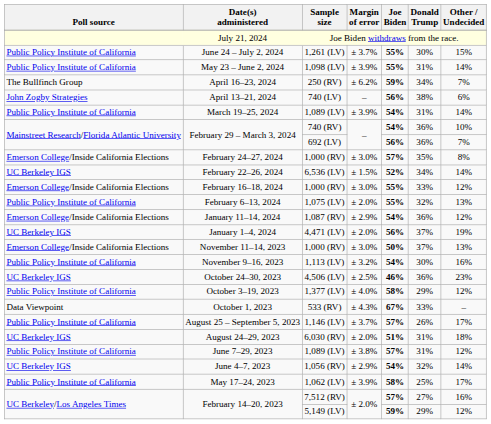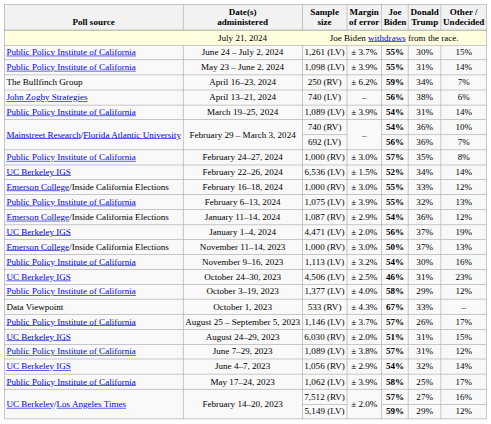 <table class="wikitable sortable mw-datatable" style="font-size:90%;text-align:center;line-height:17px">
 <tr valign=bottom>
 <th>Poll source</th>
 <th>Date(s)<br>administered</th>
 <th>Sample<br>size</th>
 <th>Margin<br>of error</th>
 <th class="unsortable">Joe<br>Biden<br></th>
 <th class="unsortable">Donald<br>Trump<br></th>
 <th class="unsortable">Other /<br>Undecided</th>
 </tr>
 <tr>
 </tr>
 <tr style="background:lightyellow;">
 <td style="border-right-style:hidden;"></td>
 <td style="border-right-style:hidden; " data-sort-value="2024-07-21">July 21, 2024</td>
 <td colspan="5">Joe Biden <a href='#'>withdraws</a> from the race.</td>
 </tr>
 <tr>
 <td style="text-align:left;"><a href='#'>Public Policy Institute of California</a></td>
 <td>June 24 – July 2, 2024</td>
 <td>1,261 (LV)</td>
 <td>± 3.7%</td>
 <td style="color:black;background-color:"><strong>55%</strong></td>
 <td>30%</td>
 <td>15%</td>
 </tr>
 <tr>
 <td style="text-align:left;"><a href='#'>Public Policy Institute of California</a></td>
 <td>May 23 – June 2, 2024</td>
 <td>1,098 (LV)</td>
 <td>± 3.9%</td>
 <td style="color:black;background-color:"><strong>55%</strong></td>
 <td>31%</td>
 <td>14%</td>
 </tr>
 <tr>
 <td style="text-align:left;">The Bullfinch Group</td>
 <td>April 16–23, 2024</td>
 <td>250 (RV)</td>
 <td>± 6.2%</td>
 <td style="color:black;background-color:"><strong>59%</strong></td>
 <td>34%</td>
 <td>7%</td>
 </tr>
 <tr>
 <td style="text-align:left;"><a href='#'>John Zogby Strategies</a></td>
 <td data-sort-value="2024-05-01">April 13–21, 2024</td>
 <td>740 (LV)</td>
 <td>–</td>
 <td style="color:black;background-color:"><strong>56%</strong></td>
 <td>38%</td>
 <td>6%</td>
 </tr>
 <tr>
 <td style="text-align:left;"><a href='#'>Public Policy Institute of California</a></td>
 <td>March 19–25, 2024</td>
 <td>1,089 (LV)</td>
 <td>± 3.9%</td>
 <td style="color:black;background-color:"><strong>54%</strong></td>
 <td>31%</td>
 <td>14%</td>
 </tr>
 <tr>
 <td style="text-align:left;" rowspan="2"><a href='#'>Mainstreet Research</a>/<a href='#'>Florida Atlantic University</a></td>
 <td rowspan="2">February 29 – March 3, 2024</td>
 <td>740 (RV)</td>
 <td rowspan="2">–</td>
 <td style="color:black;background-color:"><strong>54%</strong></td>
 <td>36%</td>
 <td>10%</td>
 </tr>
 <tr>
 <td>692 (LV)</td>
 <td style="color:black;background-color:"><strong>56%</strong></td>
 <td>36%</td>
 <td>7%</td>
 </tr>
 <tr>
-<td style="text-align:left;"><a href='#'>Emerson College</a>/Inside California Elections</td>
+<td style="text-align:left;"><a href='#'>Public Policy Institute of California</a></td>
 <td>February 24–27, 2024</td>
 <td>1,000 (RV)</td>
 <td>± 3.0%</td>
 <td style="color:black;background-color:"><strong>57%</strong></td>
 <td>35%</td>
 <td>8%</td>
 </tr>
 <tr>
 <td style="text-align:left;"><a href='#'>UC Berkeley IGS</a></td>
 <td>February 22–26, 2024</td>
 <td>6,536 (LV)</td>
 <td>± 1.5%</td>
 <td style="color:black;background-color:"><strong>52%</strong></td>
 <td>34%</td>
 <td>14%</td>
 </tr>
 <tr>
 <td style="text-align:left;"><a href='#'>Emerson College</a>/Inside California Elections</td>
 <td>February 16–18, 2024</td>
 <td>1,000 (RV)</td>
 <td>± 3.0%</td>
 <td style="color:black;background-color:"><strong>55%</strong></td>
 <td>33%</td>
 <td>12%</td>
 </tr>
 <tr>
 <td style="text-align:left;"><a href='#'>Public Policy Institute of California</a></td>
 <td>February 6–13, 2024</td>
 <td>1,075 (LV)</td>
-<td>± 2.0%</td>
+<td>± 3.9%</td>
 <td style="color:black;background-color:"><strong>55%</strong></td>
 <td>32%</td>
 <td>13%</td>
 </tr>
 <tr>
 <td style="text-align:left;"><a href='#'>Emerson College</a>/Inside California Elections</td>
 <td>January 11–14, 2024</td>
 <td>1,087 (RV)</td>
 <td>± 2.9%</td>
 <td style="color:black;background-color:"><strong>54%</strong></td>
 <td>36%</td>
 <td>12%</td>
 </tr>
 <tr>
 <td style="text-align:left;"><a href='#'>UC Berkeley IGS</a></td>
 <td>January 1–4, 2024</td>
 <td>4,471 (LV)</td>
 <td>± 2.0%</td>
 <td style="color:black;background-color:"><strong>56%</strong></td>
 <td>37%</td>
 <td>19%</td>
 </tr>
 <tr>
 <td style="text-align:left;"><a href='#'>Emerson College</a>/Inside California Elections</td>
 <td>November 11–14, 2023</td>
 <td>1,000 (RV)</td>
 <td>± 3.0%</td>
 <td style="color:black;background-color:"><strong>50%</strong></td>
 <td>37%</td>
 <td>13%</td>
 </tr>
 <tr>
 <td style="text-align:left;"><a href='#'>Public Policy Institute of California</a></td>
 <td>November 9–16, 2023</td>
 <td>1,113 (LV)</td>
 <td>± 3.2%</td>
 <td style="color:black;background-color:"><strong>54%</strong></td>
 <td>30%</td>
 <td>16%</td>
 </tr>
 <tr>
 <td style="text-align:left;"><a href='#'>UC Berkeley IGS</a></td>
 <td>October 24–30, 2023</td>
 <td>4,506 (LV)</td>
 <td>± 2.5%</td>
 <td style="color:black;background-color:"><strong>46%</strong></td>
-<td>36%</td>
+<td>31%</td>
 <td>23%</td>
 </tr>
 <tr>
 <td style="text-align:left;"><a href='#'>Public Policy Institute of California</a></td>
 <td>October 3–19, 2023</td>
 <td>1,377 (LV)</td>
 <td>± 4.0%</td>
 <td style="color:black;background-color:"><strong>58%</strong></td>
 <td>29%</td>
 <td>12%</td>
 </tr>
 <tr>
 <td style="text-align:left;">Data Viewpoint</td>
 <td>October 1, 2023</td>
 <td>533 (RV)</td>
 <td>± 4.3%</td>
 <td style="color:black;background-color:"><strong>67%</strong></td>
 <td>33%</td>
 <td>–</td>
 </tr>
 <tr>
 <td style="text-align:left;"><a href='#'>Public Policy Institute of California</a></td>
 <td>August 25 – September 5, 2023</td>
 <td>1,146 (LV)</td>
 <td>± 3.7%</td>
 <td style="color:black;background-color:"><strong>57%</strong></td>
 <td>26%</td>
 <td>17%</td>
 </tr>
 <tr>
 <td style="text-align:left;"><a href='#'>UC Berkeley IGS</a></td>
 <td>August 24–29, 2023</td>
 <td>6,030 (RV)</td>
 <td>± 2.0%</td>
 <td style="color:black;background-color:"><strong>51%</strong></td>
 <td>31%</td>
-<td>18%</td>
+<td>15%</td>
 </tr>
 <tr>
 <td style="text-align:left;"><a href='#'>Public Policy Institute of California</a></td>
 <td>June 7–29, 2023</td>
 <td>1,089 (LV)</td>
 <td>± 3.8%</td>
 <td style="color:black;background-color:"><strong>57%</strong></td>
 <td>31%</td>
 <td>12%</td>
 </tr>
 <tr>
 <td style="text-align:left;"><a href='#'>UC Berkeley IGS</a></td>
 <td>June 4–7, 2023</td>
 <td>1,056 (RV)</td>
 <td>± 2.9%</td>
 <td style="color:black;background-color:"><strong>54%</strong></td>
 <td>32%</td>
 <td>14%</td>
 </tr>
 <tr>
 <td style="text-align:left;"><a href='#'>Public Policy Institute of California</a></td>
 <td>May 17–24, 2023</td>
 <td>1,062 (LV)</td>
 <td>± 3.9%</td>
 <td style="color:black;background-color:"><strong>58%</strong></td>
 <td>25%</td>
 <td>17%</td>
 </tr>
 <tr>
 <td style="text-align:left;" rowspan="2"><a href='#'>UC Berkeley</a>/<a href='#'>Los Angeles Times</a></td>
 <td rowspan="2">February 14–20, 2023</td>
 <td>7,512 (RV)</td>
 <td rowspan="2">± 2.0%</td>
 <td style="color:black;background-color:"><strong>57%</strong></td>
 <td>27%</td>
 <td>16%</td>
 </tr>
 <tr>
 <td>5,149 (LV)</td>
 <td style="color:black;background-color:"><strong>59%</strong></td>
 <td>29%</td>
 <td>12%</td>
 </tr>
 </table>
